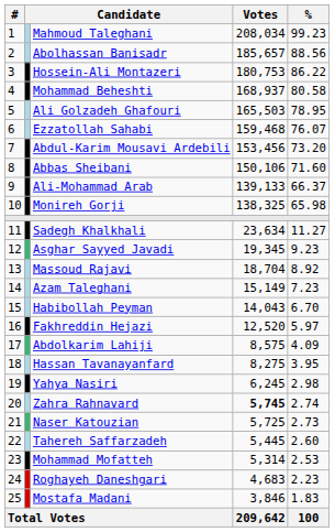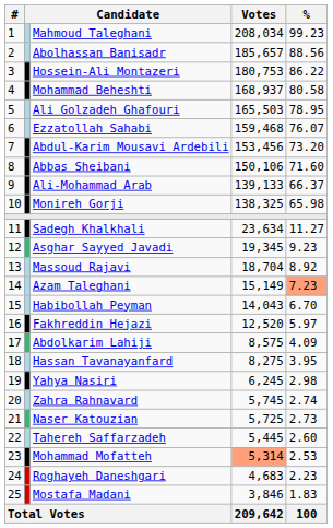 <table class="wikitable">
 <tr>
 <th>#</th>
 <th colspan="2">Candidate</th>
 <th>Votes</th>
 <th>%</th>
 </tr>
 <tr>
 <td>1</td>
 <td style="background:#ADD8E6;"></td>
 <td><a href='#'>Mahmoud Taleghani</a></td>
 <td>208,034</td>
 <td>99.23</td>
 </tr>
 <tr>
 <td>2</td>
 <td style="background:#ADD8E6;"></td>
 <td><a href='#'>Abolhassan Banisadr</a></td>
 <td>185,657</td>
 <td>88.56</td>
 </tr>
 <tr>
 <td>3</td>
 <td style="background:#000000;"></td>
 <td><a href='#'>Hossein-Ali Montazeri</a></td>
 <td>180,753</td>
 <td>86.22</td>
 </tr>
 <tr>
 <td>4</td>
 <td style="background:#000000;"></td>
 <td><a href='#'>Mohammad Beheshti</a></td>
 <td>168,937</td>
 <td>80.58</td>
 </tr>
 <tr>
 <td>5</td>
 <td style="background:#ADD8E6;"></td>
 <td><a href='#'>Ali Golzadeh Ghafouri</a></td>
 <td>165,503</td>
 <td>78.95</td>
 </tr>
 <tr>
 <td>6</td>
 <td style="background:#ADD8E6;"></td>
 <td><a href='#'>Ezzatollah Sahabi</a></td>
 <td>159,468</td>
 <td>76.07</td>
 </tr>
 <tr>
 <td>7</td>
 <td style="background:#000000;"></td>
 <td><a href='#'>Abdul-Karim Mousavi Ardebili</a></td>
 <td>153,456</td>
 <td>73.20</td>
 </tr>
 <tr>
 <td>8</td>
 <td style="background:#000000;"></td>
 <td><a href='#'>Abbas Sheibani</a></td>
 <td>150,106</td>
 <td>71.60</td>
 </tr>
 <tr>
 <td>9</td>
 <td style="background:#000000;"></td>
 <td><a href='#'>Ali-Mohammad Arab</a></td>
 <td>139,133</td>
 <td>66.37</td>
 </tr>
 <tr>
 <td>10</td>
 <td style="background:#000000;"></td>
 <td><a href='#'>Monireh Gorji</a></td>
 <td>138,325</td>
 <td>65.98</td>
 </tr>
 <tr>
 <td colspan="9" style="background:#E9E9E9;"></td>
 </tr>
 <tr>
 <td>11</td>
 <td style="background:#000000;"></td>
 <td><a href='#'>Sadegh Khalkhali</a></td>
 <td align=right>23,634</td>
 <td>11.27</td>
 </tr>
 <tr>
 <td>12</td>
 <td style="background:#3CB371;"></td>
 <td><a href='#'>Asghar Sayyed Javadi</a></td>
 <td align=right>19,345</td>
 <td>9.23</td>
 </tr>
 <tr>
 <td>13</td>
 <td style="background:#ADD8E6;"></td>
 <td><a href='#'>Massoud Rajavi</a></td>
 <td align=right>18,704</td>
 <td>8.92</td>
 </tr>
 <tr>
 <td>14</td>
 <td style="background:#ADD8E6;"></td>
 <td><a href='#'>Azam Taleghani</a></td>
 <td align=right>15,149</td>
-<td>7.23</td>
+<td style="background: lightsalmon;">7.23</td>
 </tr>
 <tr>
 <td>15</td>
 <td style="background:#ADD8E6;"></td>
 <td><a href='#'>Habibollah Peyman</a></td>
 <td align=right>14,043</td>
 <td>6.70</td>
 </tr>
 <tr>
 <td>16</td>
 <td style="background:#000000;"></td>
 <td><a href='#'>Fakhreddin Hejazi</a></td>
 <td align=right>12,520</td>
 <td>5.97</td>
 </tr>
 <tr>
 <td>17</td>
 <td style="background:#3CB371;"></td>
 <td><a href='#'>Abdolkarim Lahiji</a></td>
 <td align=right>8,575</td>
 <td>4.09</td>
 </tr>
 <tr>
 <td>18</td>
 <td style="background:#ADD8E6;"></td>
 <td><a href='#'>Hassan Tavanayanfard</a></td>
 <td align=right>8,275</td>
 <td>3.95</td>
 </tr>
 <tr>
 <td>19</td>
 <td style="background:#000000;"></td>
 <td><a href='#'>Yahya Nasiri</a></td>
 <td align=right>6,245</td>
 <td>2.98</td>
 </tr>
 <tr>
 <td>20</td>
 <td style="background:#ADD8E6;"></td>
 <td><a href='#'>Zahra Rahnavard</a></td>
-<td align=right><strong>5,745</strong></td>
+<td align=right>5,745</td>
 <td>2.74</td>
 </tr>
 <tr>
 <td>21</td>
 <td style="background:#3CB371;"></td>
 <td><a href='#'>Naser Katouzian</a></td>
 <td align=right>5,725</td>
 <td>2.73</td>
 </tr>
 <tr>
 <td>22</td>
 <td style="background:#ADD8E6;"></td>
 <td><a href='#'>Tahereh Saffarzadeh</a></td>
 <td align=right>5,445</td>
 <td>2.60</td>
 </tr>
 <tr>
 <td>23</td>
 <td style="background:#000000;"></td>
 <td><a href='#'>Mohammad Mofatteh</a></td>
-<td align=right>5,314</td>
+<td align=right style="background: lightsalmon;">5,314</td>
 <td>2.53</td>
 </tr>
 <tr>
 <td>24</td>
 <td style="background:#D40000;"></td>
 <td><a href='#'>Roghayeh Daneshgari</a></td>
 <td align=right>4,683</td>
 <td>2.23</td>
 </tr>
 <tr>
 <td>25</td>
 <td style="background:#D40000;"></td>
 <td><a href='#'>Mostafa Madani</a></td>
 <td align=right>3,846</td>
 <td>1.83</td>
 </tr>
 <tr>
 <th colspan="3" style="text-align:left;">Total Votes</th>
 <th>209,642</th>
 <th>100</th>
 </tr>
 </table>
